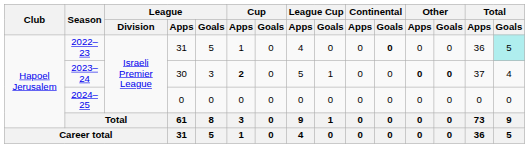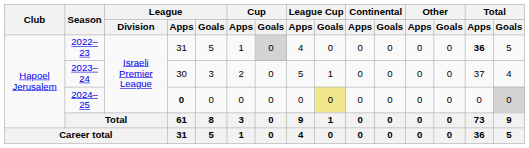 <table class="wikitable" style="text-align: center">
 <tr>
 <th rowspan="2">Club</th>
 <th rowspan="2">Season</th>
 <th colspan="3">League</th>
 <th colspan="2">Cup</th>
 <th colspan="2">League Cup</th>
 <th colspan="2">Continental</th>
 <th colspan="2">Other</th>
 <th colspan="2">Total</th>
 </tr>
 <tr>
 <th>Division</th>
 <th>Apps</th>
 <th>Goals</th>
 <th>Apps</th>
 <th>Goals</th>
 <th>Apps</th>
 <th>Goals</th>
 <th>Apps</th>
 <th>Goals</th>
 <th>Apps</th>
 <th>Goals</th>
 <th>Apps</th>
 <th>Goals</th>
 </tr>
 <tr>
 <td rowspan="4"><a href='#'>Hapoel Jerusalem</a></td>
 <td><a href='#'>2022–23</a></td>
 <td rowspan="3"><a href='#'>Israeli Premier League</a></td>
 <td>31</td>
 <td>5</td>
 <td>1</td>
-<td>0</td>
+<td style="background: lightgrey;">0</td>
 <td>4</td>
 <td>0</td>
 <td>0</td>
-<td><strong>0</strong></td>
 <td>0</td>
 <td>0</td>
-<td>36</td>
-<td style="background: paleturquoise;">5</td>
+<td>0</td>
+<td><strong>36</strong></td>
+<td>5</td>
 </tr>
 <tr>
 <td><a href='#'>2023–24</a></td>
 <td>30</td>
 <td>3</td>
-<td><strong>2</strong></td>
+<td>2</td>
 <td>0</td>
 <td>5</td>
 <td>1</td>
 <td>0</td>
 <td>0</td>
-<td><strong>0</strong></td>
-<td><strong>0</strong></td>
+<td>0</td>
+<td>0</td>
 <td>37</td>
 <td>4</td>
 </tr>
 <tr>
 <td><a href='#'>2024–25</a></td>
+<td><strong>0</strong></td>
+<td>0</td>
+<td>0</td>
+<td>0</td>
+<td>0</td>
+<td style="background: khaki;">0</td>
 <td>0</td>
 <td>0</td>
 <td>0</td>
 <td>0</td>
 <td>0</td>
-<td>0</td>
-<td>0</td>
-<td>0</td>
-<td>0</td>
-<td>0</td>
-<td>0</td>
-<td>0</td>
+<td style="background: lightgrey;">0</td>
 </tr>
 <tr>
 <th colspan="2">Total</th>
 <th>61</th>
 <th>8</th>
 <th>3</th>
 <th>0</th>
 <th>9</th>
 <th>1</th>
 <th>0</th>
 <th>0</th>
 <th>0</th>
 <th>0</th>
 <th>73</th>
 <th>9</th>
 </tr>
 <tr>
 <th colspan="3"><strong>Career total</strong></th>
 <th>31</th>
 <th>5</th>
 <th>1</th>
 <th>0</th>
 <th>4</th>
 <th>0</th>
 <th>0</th>
 <th>0</th>
 <th>0</th>
 <th>0</th>
 <th>36</th>
 <th>5</th>
 </tr>
 </table>
